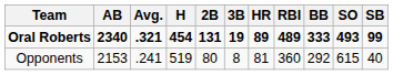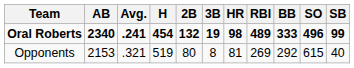 <table class="wikitable sortable">
 <tr>
 <th>Team</th>
 <th>AB</th>
 <th>Avg.</th>
 <th>H</th>
 <th>2B</th>
 <th>3B</th>
 <th>HR</th>
 <th>RBI</th>
 <th>BB</th>
 <th>SO</th>
 <th>SB</th>
 </tr>
 <tr style="text-align:center; font-weight: bold;">
 <td>Oral Roberts</td>
 <td>2340</td>
-<td>.321</td>
+<td>.241</td>
 <td>454</td>
-<td>131</td>
+<td>132</td>
 <td>19</td>
-<td>89</td>
+<td>98</td>
 <td>489</td>
 <td>333</td>
-<td>493</td>
+<td>496</td>
 <td>99</td>
 </tr>
 <tr style="text-align:center;">
 <td>Opponents</td>
 <td>2153</td>
-<td>.241</td>
+<td>.321</td>
 <td>519</td>
 <td>80</td>
 <td>8</td>
 <td>81</td>
-<td>360</td>
+<td>269</td>
 <td>292</td>
 <td>615</td>
 <td>40</td>
 </tr>
 </table>
